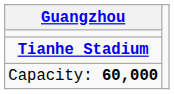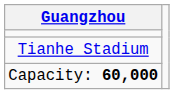 <table class="wikitable" style="text-align:center">
 <tr>
 <th><a href='#'>Guangzhou</a></th>
 <td rowspan="4"><br></td>
 </tr>
 <tr>
 <td align="center"></td>
 </tr>
 <tr>
-<td><strong><a href='#'>Tianhe Stadium</a></strong></td>
+<td><a href='#'>Tianhe Stadium</a></td>
 </tr>
 <tr>
 <td>Capacity: <strong>60,000</strong></td>
 </tr>
 </table>
